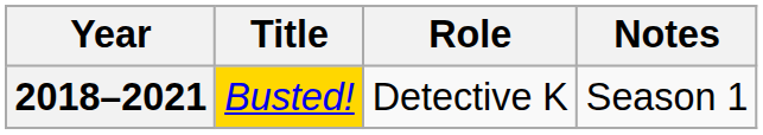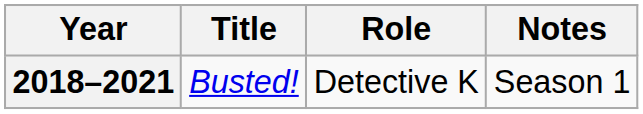 <table class="wikitable plainrowheaders">
 <tr>
 <th scope="col">Year</th>
 <th scope="col">Title</th>
 <th scope="col">Role</th>
 <th scope="col">Notes</th>
 </tr>
 <tr>
 <th scope="row">2018–2021</th>
-<td style="background: gold;"><em><a href='#'>Busted!</a></em></td>
+<td><em><a href='#'>Busted!</a></em></td>
 <td rowspan=3>Detective K</td>
 <td>Season 1</td>
 </tr>
 </table>
